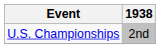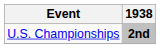 <table class="wikitable">
 <tr>
 <th>Event</th>
 <th>1938</th>
 </tr>
 <tr>
 <td><a href='#'>U.S. Championships</a></td>
-<td align="center" bgcolor="silver">2nd</td>
+<td align="center" bgcolor="silver"><strong>2nd</strong></td>
 </tr>
 <tr>
 </tr>
 </table>
